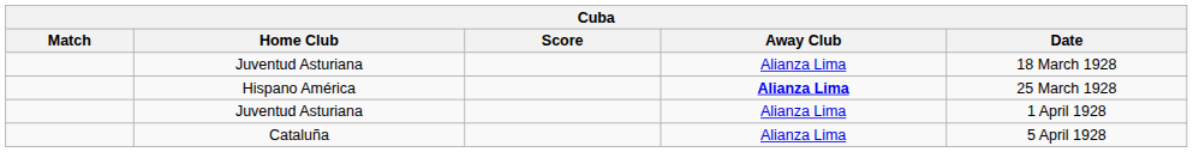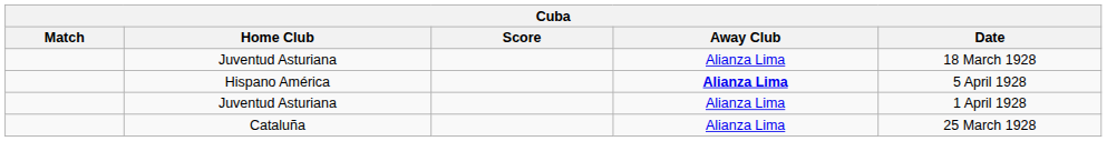 <table class="wikitable collapsible collapsed" style="font-size:95%; text-align: center; width: 95%; margin:0 auto 0.5em auto;">
 <tr>
 <th colspan="9" align="center" style="with: 100%;">Cuba</th>
 </tr>
 <tr>
 <th width="50">Match</th>
 <th width="140">Home Club</th>
 <th width="80">Score</th>
 <th width="120">Away Club</th>
 <th width="100">Date</th>
 </tr>
 <tr>
 <td></td>
 <td>Juventud Asturiana</td>
 <td></td>
 <td><a href='#'>Alianza Lima</a></td>
 <td>18 March 1928</td>
 </tr>
 <tr>
 <td></td>
 <td>Hispano América</td>
 <td></td>
 <td><strong><a href='#'>Alianza Lima</a></strong></td>
-<td>25 March 1928</td>
+<td>5 April 1928</td>
 </tr>
 <tr>
 <td></td>
 <td>Juventud Asturiana</td>
 <td></td>
 <td><a href='#'>Alianza Lima</a></td>
 <td>1 April 1928</td>
 </tr>
 <tr>
 <td></td>
 <td>Cataluña</td>
 <td></td>
 <td><a href='#'>Alianza Lima</a></td>
-<td>5 April 1928</td>
+<td>25 March 1928</td>
 </tr>
 </table>
